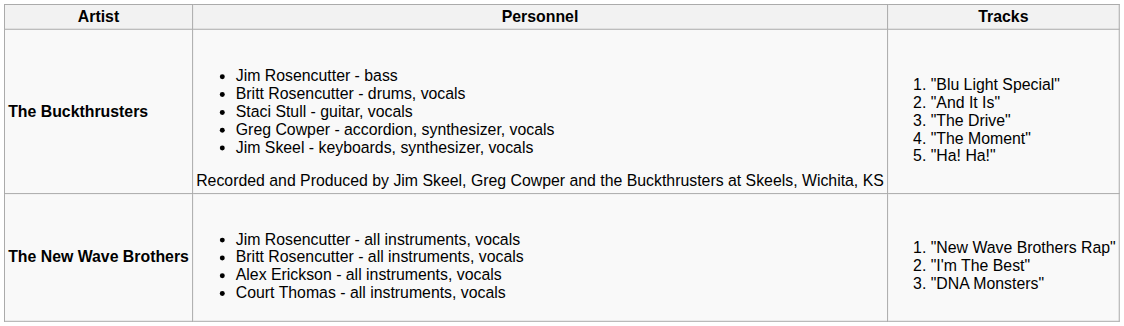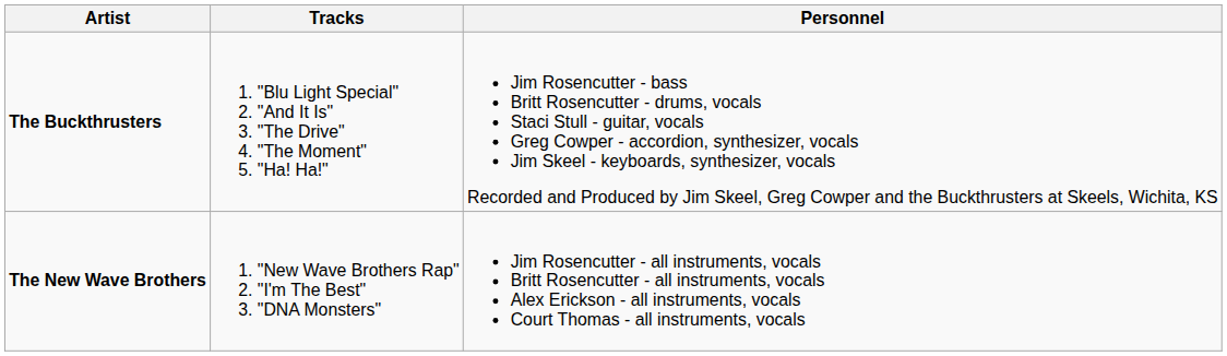 <table class="wikitable">
 <tr>
 <th>Artist</th>
+<th>Tracks</th>
 <th>Personnel</th>
-<th>Tracks</th>
 </tr>
 <tr>
 <td><strong>The Buckthrusters</strong></td>
+<td><br><ol><li>"Blu Light Special"</li><li>"And It Is"</li><li>"The Drive"</li><li>"The Moment"</li><li>"Ha! Ha!"</li></ol></td>
 <td><br><ul><li>Jim Rosencutter - bass</li><li>Britt Rosencutter - drums, vocals</li><li>Staci Stull - guitar, vocals</li><li>Greg Cowper - accordion, synthesizer, vocals</li><li>Jim Skeel - keyboards, synthesizer, vocals</li></ul>Recorded and Produced by Jim Skeel, Greg Cowper and the Buckthrusters at Skeels, Wichita, KS</td>
-<td><br><ol><li>"Blu Light Special"</li><li>"And It Is"</li><li>"The Drive"</li><li>"The Moment"</li><li>"Ha! Ha!"</li></ol></td>
 </tr>
 <tr>
 <td><strong>The New Wave Brothers</strong></td>
+<td><br><ol><li>"New Wave Brothers Rap"</li><li>"I'm The Best"</li><li>"DNA Monsters"</li></ol></td>
 <td><br><ul><li>Jim Rosencutter - all instruments, vocals</li><li>Britt Rosencutter - all instruments, vocals</li><li>Alex Erickson - all instruments, vocals</li><li>Court Thomas - all instruments, vocals</li></ul></td>
-<td><br><ol><li>"New Wave Brothers Rap"</li><li>"I'm The Best"</li><li>"DNA Monsters"</li></ol></td>
 </tr>
 </table>
